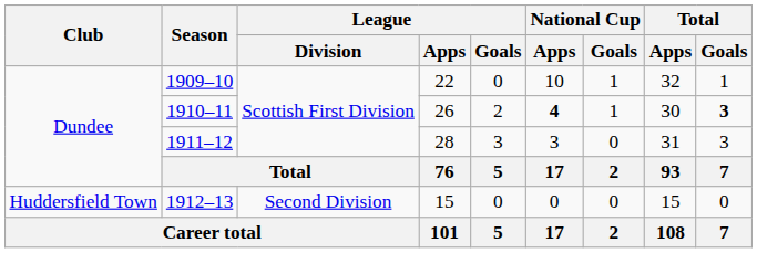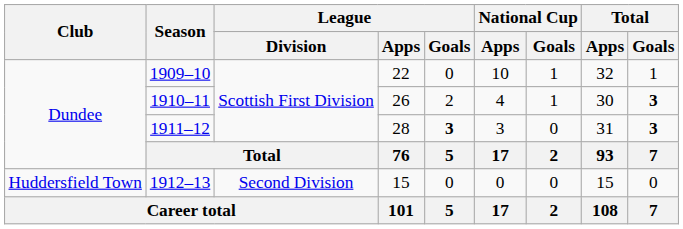 <table class="wikitable" style="text-align:center">
 <tr>
 <th rowspan="2">Club</th>
 <th rowspan="2">Season</th>
 <th colspan="3">League</th>
 <th colspan="2">National Cup</th>
 <th colspan="2">Total</th>
 </tr>
 <tr>
 <th>Division</th>
 <th>Apps</th>
 <th>Goals</th>
 <th>Apps</th>
 <th>Goals</th>
 <th>Apps</th>
 <th>Goals</th>
 </tr>
 <tr>
 <td rowspan="4"><a href='#'>Dundee</a></td>
 <td><a href='#'>1909–10</a></td>
 <td rowspan="3"><a href='#'>Scottish First Division</a></td>
 <td>22</td>
 <td>0</td>
 <td>10</td>
 <td>1</td>
 <td>32</td>
 <td>1</td>
 </tr>
 <tr>
 <td><a href='#'>1910–11</a></td>
 <td>26</td>
 <td>2</td>
-<td><strong>4</strong></td>
+<td>4</td>
 <td>1</td>
 <td>30</td>
 <td><strong>3</strong></td>
 </tr>
 <tr>
 <td><a href='#'>1911–12</a></td>
 <td>28</td>
-<td>3</td>
+<td><strong>3</strong></td>
 <td>3</td>
 <td>0</td>
 <td>31</td>
-<td>3</td>
+<td><strong>3</strong></td>
 </tr>
 <tr>
 <th colspan="2">Total</th>
 <th>76</th>
 <th>5</th>
 <th>17</th>
 <th>2</th>
 <th>93</th>
 <th>7</th>
 </tr>
 <tr>
 <td><a href='#'>Huddersfield Town</a></td>
 <td><a href='#'>1912–13</a></td>
 <td><a href='#'>Second Division</a></td>
 <td>15</td>
 <td>0</td>
 <td>0</td>
 <td>0</td>
 <td>15</td>
 <td>0</td>
 </tr>
 <tr>
 <th colspan="3">Career total</th>
 <th>101</th>
 <th>5</th>
 <th>17</th>
 <th>2</th>
 <th>108</th>
 <th>7</th>
 </tr>
 </table>
